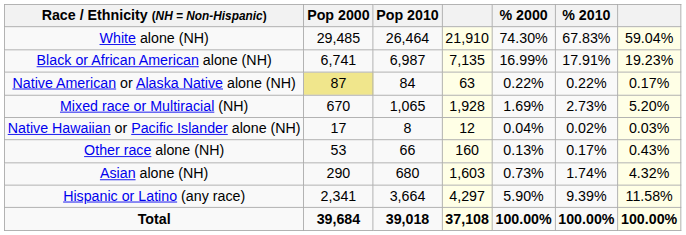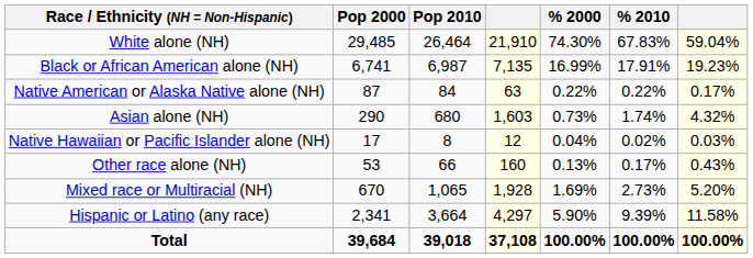 <table class="wikitable" style="text-align:center;">
 <tr>
 <th>Race / Ethnicity <small>(<em>NH = Non-Hispanic</em>)</small></th>
 <th>Pop 2000</th>
 <th>Pop 2010</th>
 <th></th>
 <th>% 2000</th>
 <th>% 2010</th>
 <th></th>
 </tr>
 <tr>
 <td><a href='#'>White</a> alone (NH)</td>
 <td>29,485</td>
 <td>26,464</td>
 <td style='background: #ffffe6;'>21,910</td>
 <td>74.30%</td>
 <td>67.83%</td>
 <td style='background: #ffffe6;'>59.04%</td>
 </tr>
 <tr>
 <td><a href='#'>Black or African American</a> alone (NH)</td>
 <td>6,741</td>
 <td>6,987</td>
 <td style='background: #ffffe6;'>7,135</td>
 <td>16.99%</td>
 <td>17.91%</td>
 <td style='background: #ffffe6;'>19.23%</td>
 </tr>
 <tr>
 <td><a href='#'>Native American</a> or <a href='#'>Alaska Native</a> alone (NH)</td>
-<td style="background: khaki;">87</td>
+<td>87</td>
 <td>84</td>
 <td style='background: #ffffe6;'>63</td>
 <td>0.22%</td>
 <td>0.22%</td>
 <td style='background: #ffffe6;'>0.17%</td>
 </tr>
 <tr>
-<td><a href='#'>Mixed race or Multiracial</a> (NH)</td>
-<td>670</td>
-<td>1,065</td>
-<td style='background: #ffffe6;'>1,928</td>
-<td>1.69%</td>
-<td>2.73%</td>
-<td style='background: #ffffe6;'>5.20%</td>
+<td><a href='#'>Asian</a> alone (NH)</td>
+<td>290</td>
+<td>680</td>
+<td style='background: #ffffe6;'>1,603</td>
+<td>0.73%</td>
+<td>1.74%</td>
+<td style='background: #ffffe6;'>4.32%</td>
 </tr>
 <tr>
 <td><a href='#'>Native Hawaiian</a> or <a href='#'>Pacific Islander</a> alone (NH)</td>
 <td>17</td>
 <td>8</td>
 <td style='background: #ffffe6;'>12</td>
 <td>0.04%</td>
 <td>0.02%</td>
 <td style='background: #ffffe6;'>0.03%</td>
 </tr>
 <tr>
 <td><a href='#'>Other race</a> alone (NH)</td>
 <td>53</td>
 <td>66</td>
 <td style='background: #ffffe6;'>160</td>
 <td>0.13%</td>
 <td>0.17%</td>
 <td style='background: #ffffe6;'>0.43%</td>
 </tr>
 <tr>
-<td><a href='#'>Asian</a> alone (NH)</td>
-<td>290</td>
-<td>680</td>
-<td style='background: #ffffe6;'>1,603</td>
-<td>0.73%</td>
-<td>1.74%</td>
-<td style='background: #ffffe6;'>4.32%</td>
+<td><a href='#'>Mixed race or Multiracial</a> (NH)</td>
+<td>670</td>
+<td>1,065</td>
+<td style='background: #ffffe6;'>1,928</td>
+<td>1.69%</td>
+<td>2.73%</td>
+<td style='background: #ffffe6;'>5.20%</td>
 </tr>
 <tr>
 <td><a href='#'>Hispanic or Latino</a> (any race)</td>
 <td>2,341</td>
 <td>3,664</td>
 <td style='background: #ffffe6;'>4,297</td>
 <td>5.90%</td>
 <td>9.39%</td>
 <td style='background: #ffffe6;'>11.58%</td>
 </tr>
 <tr>
 <td><strong>Total</strong></td>
 <td><strong>39,684</strong></td>
 <td><strong>39,018</strong></td>
 <td style='background: #ffffe6;'><strong>37,108</strong></td>
 <td><strong>100.00%</strong></td>
 <td><strong>100.00%</strong></td>
 <td style='background: #ffffe6;'><strong>100.00%</strong></td>
 </tr>
 </table>
